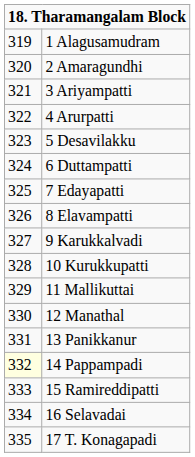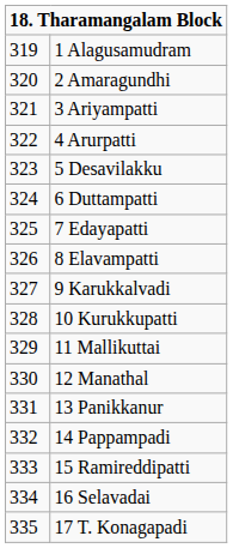 <table class="wikitable">
 <tr>
 <td colspan="2"><strong>18. Tharamangalam Block</strong></td>
 </tr>
 <tr>
 <td>319</td>
 <td>1 Alagusamudram</td>
 </tr>
 <tr>
 <td>320</td>
 <td>2 Amaragundhi</td>
 </tr>
 <tr>
 <td>321</td>
 <td>3 Ariyampatti</td>
 </tr>
 <tr>
 <td>322</td>
 <td>4 Arurpatti</td>
 </tr>
 <tr>
 <td>323</td>
 <td>5 Desavilakku</td>
 </tr>
 <tr>
 <td>324</td>
 <td>6 Duttampatti</td>
 </tr>
 <tr>
 <td>325</td>
 <td>7 Edayapatti</td>
 </tr>
 <tr>
 <td>326</td>
 <td>8 Elavampatti</td>
 </tr>
 <tr>
 <td>327</td>
 <td>9 Karukkalvadi</td>
 </tr>
 <tr>
 <td>328</td>
 <td>10 Kurukkupatti</td>
 </tr>
 <tr>
 <td>329</td>
 <td>11 Mallikuttai</td>
 </tr>
 <tr>
 <td>330</td>
 <td>12 Manathal</td>
 </tr>
 <tr>
 <td>331</td>
 <td>13 Panikkanur</td>
 </tr>
 <tr>
-<td style="background: lightyellow;">332</td>
+<td>332</td>
 <td>14 Pappampadi</td>
 </tr>
 <tr>
 <td>333</td>
 <td>15 Ramireddipatti</td>
 </tr>
 <tr>
 <td>334</td>
 <td>16 Selavadai</td>
 </tr>
 <tr>
 <td>335</td>
 <td>17 T. Konagapadi</td>
 </tr>
 </table>
